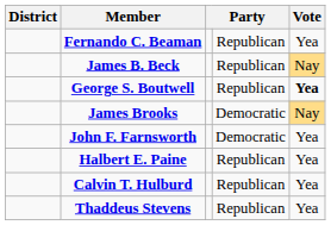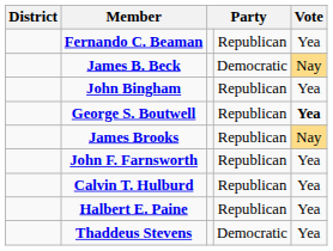 <table class="wikitable sortable" style="text-align:center;">
 <tr>
 <th>District</th>
 <th>Member</th>
 <th colspan=2>Party</th>
 <th>Vote</th>
 </tr>
 <tr>
 <td></td>
 <td data-sort-value="Beaman, Fernando C."><strong><a href='#'>Fernando C. Beaman</a></strong></td>
 <td style="background-color:"></td>
 <td>Republican</td>
 <td>Yea</td>
 </tr>
 <tr>
 <td></td>
 <td data-sort-value="Beck, James B."><strong><a href='#'>James B. Beck</a></strong></td>
 <td style="background-color:"></td>
+<td>Democratic</td>
+<td style="background:#ffdd88">Nay</td>
+</tr>
+<tr>
+<td></td>
+<td data-sort-value="Bingham, John"><strong><a href='#'>John Bingham</a></strong></td>
+<td style="background-color:"></td>
 <td>Republican</td>
-<td style="background:#ffdd88">Nay</td>
+<td>Yea</td>
 </tr>
 <tr>
 <td></td>
 <td data-sort-value="Bingham, John"><strong><a href='#'>George S. Boutwell</a></strong></td>
 <td style="background-color:"></td>
 <td>Republican</td>
 <td><strong>Yea</strong></td>
 </tr>
 <tr>
 <td></td>
 <td data-sort-value="Brooks, James"><strong><a href='#'>James Brooks</a></strong></td>
 <td style="background-color:"></td>
-<td>Democratic</td>
+<td>Republican</td>
 <td style="background:#ffdd88">Nay</td>
 </tr>
 <tr>
 <td></td>
 <td data-sort-value="Farnsworth, John F."><strong><a href='#'>John F. Farnsworth</a></strong></td>
-<td style="background-color:"></td>
-<td>Democratic</td>
-<td>Yea</td>
-</tr>
-<tr>
-<td></td>
-<td data-sort-value="Paine, Halbert E."><strong><a href='#'>Halbert E. Paine</a></strong></td>
 <td style="background-color:"></td>
 <td>Republican</td>
 <td>Yea</td>
 </tr>
 <tr>
 <td></td>
 <td data-sort-value="Hulburd, Calvin T."><strong><a href='#'>Calvin T. Hulburd</a></strong></td>
 <td style="background-color:"></td>
 <td>Republican</td>
 <td>Yea</td>
 </tr>
 <tr>
 <td></td>
-<td data-sort-value="Stevens, Thaddeus"><strong><a href='#'>Thaddeus Stevens</a></strong></td>
+<td data-sort-value="Paine, Halbert E."><strong><a href='#'>Halbert E. Paine</a></strong></td>
 <td style="background-color:"></td>
 <td>Republican</td>
 <td>Yea</td>
 </tr>
+<tr>
+<td></td>
+<td data-sort-value="Stevens, Thaddeus"><strong><a href='#'>Thaddeus Stevens</a></strong></td>
+<td style="background-color:"></td>
+<td>Democratic</td>
+<td>Yea</td>
+</tr>
 </table>
